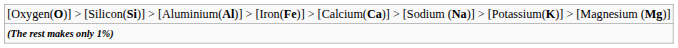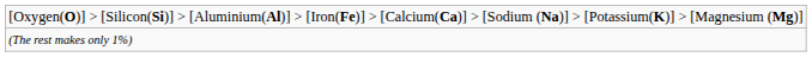 <table class="wikitable">
 <tr>
 <td>[Oxygen(<strong>O</strong>)] > [Silicon(<strong>Si</strong>)] > [Aluminium(<strong>Al</strong>)] > [Iron(<strong>Fe</strong>)] > [Calcium(<strong>Ca</strong>)] > [Sodium (<strong>Na</strong>)] > [Potassium(<strong>K</strong>)] > [Magnesium (<strong>Mg</strong>)]</td>
 </tr>
 <tr>
-<td><strong><small><em>(The rest makes only 1%)</em></small></strong></td>
+<td><small><em>(The rest makes only 1%)</em></small></td>
 </tr>
 </table>
